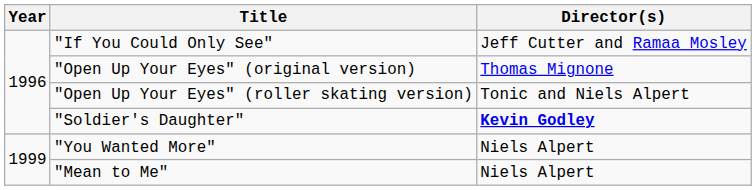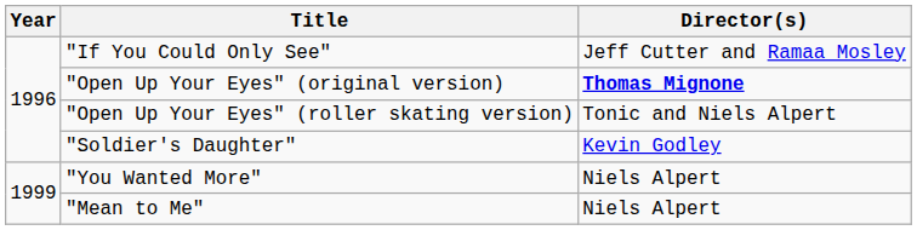 <table class="wikitable">
 <tr>
 <th>Year</th>
 <th>Title</th>
 <th>Director(s)</th>
 </tr>
 <tr>
 <td align="center" rowspan="4">1996</td>
 <td>"If You Could Only See"</td>
 <td>Jeff Cutter and <a href='#'>Ramaa Mosley</a></td>
 </tr>
 <tr>
 <td>"Open Up Your Eyes" (original version)</td>
-<td><a href='#'>Thomas Mignone</a></td>
+<td><strong><a href='#'>Thomas Mignone</a></strong></td>
 </tr>
 <tr>
 <td>"Open Up Your Eyes" (roller skating version)</td>
 <td>Tonic and Niels Alpert</td>
 </tr>
 <tr>
 <td>"Soldier's Daughter"</td>
-<td><strong><a href='#'>Kevin Godley</a></strong></td>
+<td><a href='#'>Kevin Godley</a></td>
 </tr>
 <tr>
 <td align="center" rowspan="2">1999</td>
 <td>"You Wanted More"</td>
 <td>Niels Alpert</td>
 </tr>
 <tr>
 <td>"Mean to Me"</td>
 <td>Niels Alpert</td>
 </tr>
 </table>
